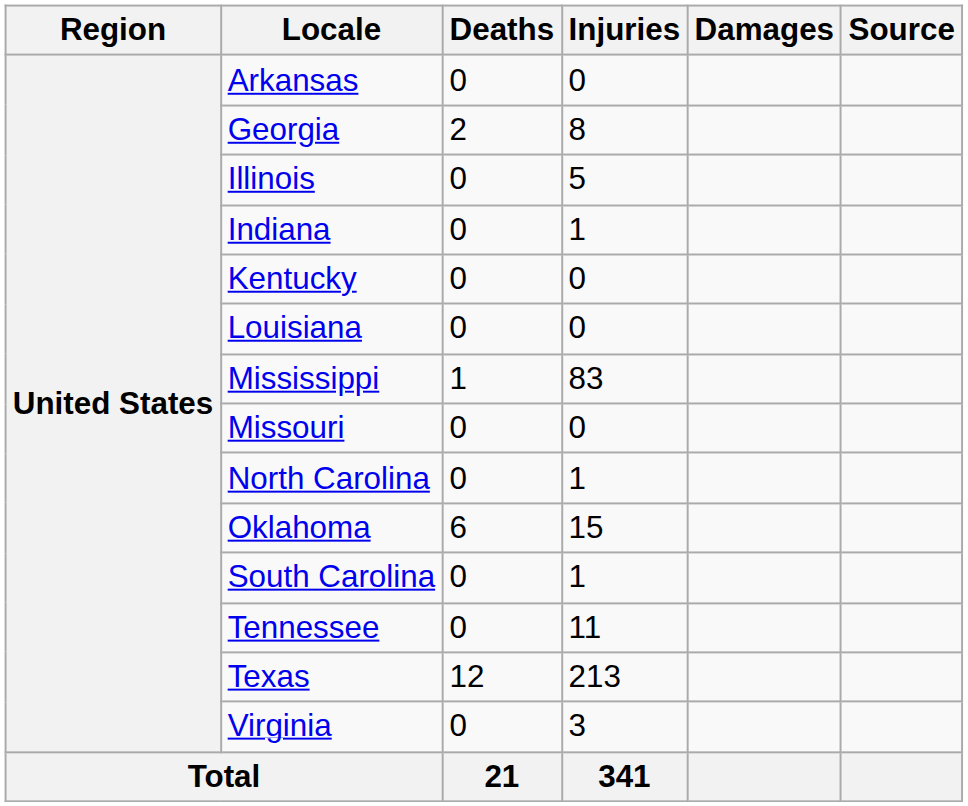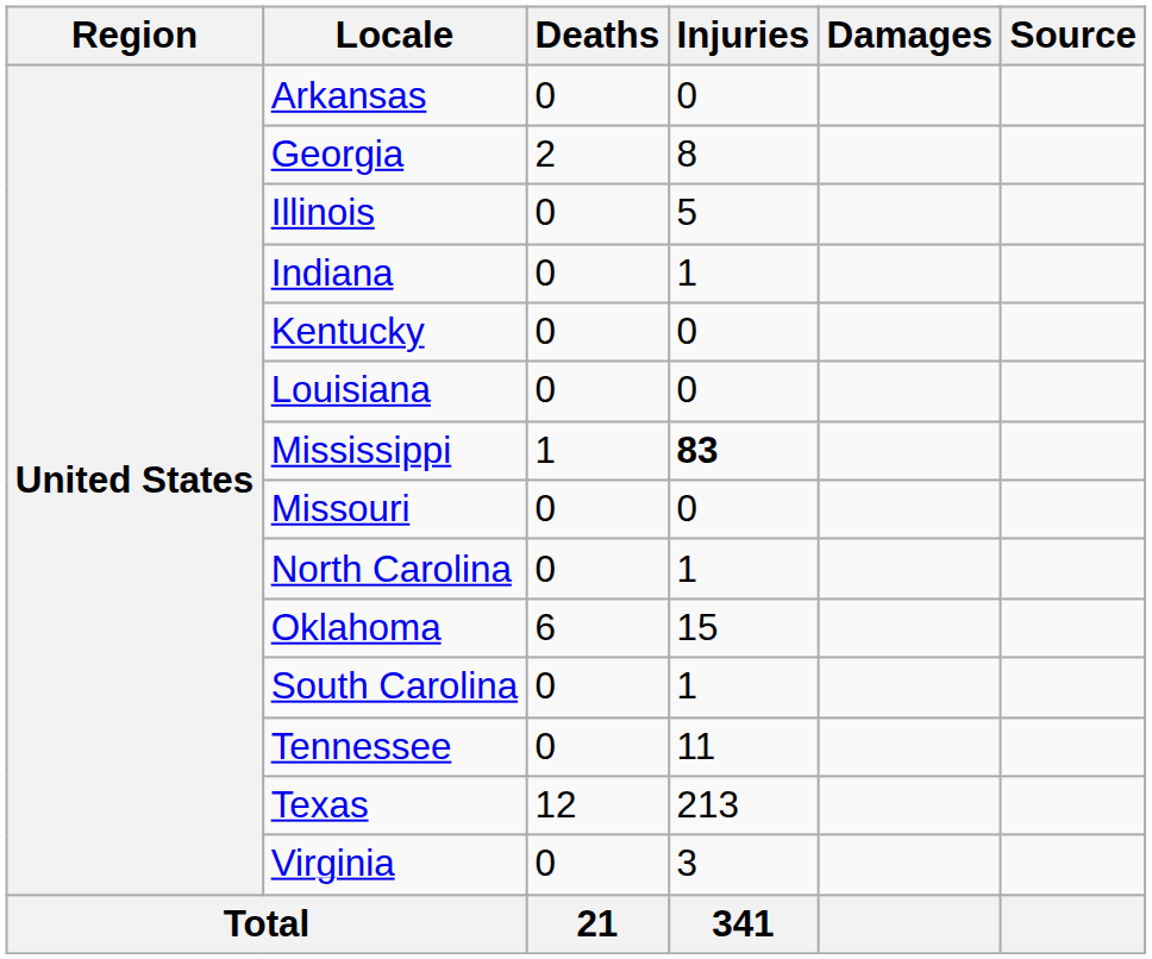 <table class="wikitable"  style="float:left; margin:10px;">
 <tr>
 <th>Region</th>
 <th>Locale</th>
 <th>Deaths</th>
 <th>Injuries</th>
 <th>Damages</th>
 <th>Source</th>
 </tr>
 <tr>
 <th rowspan="14">United States</th>
 <td rowspan="1"><a href='#'>Arkansas</a></td>
 <td>0</td>
 <td>0</td>
 <td></td>
 <td></td>
 </tr>
 <tr>
 <td rowspan="1"><a href='#'>Georgia</a></td>
 <td>2</td>
 <td>8</td>
 <td></td>
 <td></td>
 </tr>
 <tr>
 <td rowspan="1"><a href='#'>Illinois</a></td>
 <td>0</td>
 <td>5</td>
 <td></td>
 <td></td>
 </tr>
 <tr>
 <td rowspan="1"><a href='#'>Indiana</a></td>
 <td>0</td>
 <td>1</td>
 <td></td>
 <td></td>
 </tr>
 <tr>
 <td rowspan="1"><a href='#'>Kentucky</a></td>
 <td>0</td>
 <td>0</td>
 <td></td>
 <td></td>
 </tr>
 <tr>
 <td rowspan="1"><a href='#'>Louisiana</a></td>
 <td>0</td>
 <td>0</td>
 <td></td>
 <td></td>
 </tr>
 <tr>
 <td rowspan="1"><a href='#'>Mississippi</a></td>
 <td>1</td>
-<td>83</td>
+<td><strong>83</strong></td>
 <td></td>
 <td></td>
 </tr>
 <tr>
 <td rowspan="1"><a href='#'>Missouri</a></td>
 <td>0</td>
 <td>0</td>
 <td></td>
 <td></td>
 </tr>
 <tr>
 <td rowspan="1"><a href='#'>North Carolina</a></td>
 <td>0</td>
 <td>1</td>
 <td></td>
 <td></td>
 </tr>
 <tr>
 <td rowspan="1"><a href='#'>Oklahoma</a></td>
 <td>6</td>
 <td>15</td>
 <td></td>
 <td></td>
 </tr>
 <tr>
 <td rowspan="1"><a href='#'>South Carolina</a></td>
 <td>0</td>
 <td>1</td>
 <td></td>
 <td></td>
 </tr>
 <tr>
 <td rowspan="1"><a href='#'>Tennessee</a></td>
 <td>0</td>
 <td>11</td>
 <td></td>
 <td></td>
 </tr>
 <tr>
 <td rowspan="1"><a href='#'>Texas</a></td>
 <td>12</td>
 <td>213</td>
 <td></td>
 <td></td>
 </tr>
 <tr>
 <td rowspan="1"><a href='#'>Virginia</a></td>
 <td>0</td>
 <td>3</td>
 <td></td>
 <td></td>
 </tr>
 <tr>
 <th colspan="2">Total</th>
 <th colspan="">21</th>
 <th colspan="">341</th>
 <th colspan=""></th>
 <th colspan=""></th>
 </tr>
 </table>
